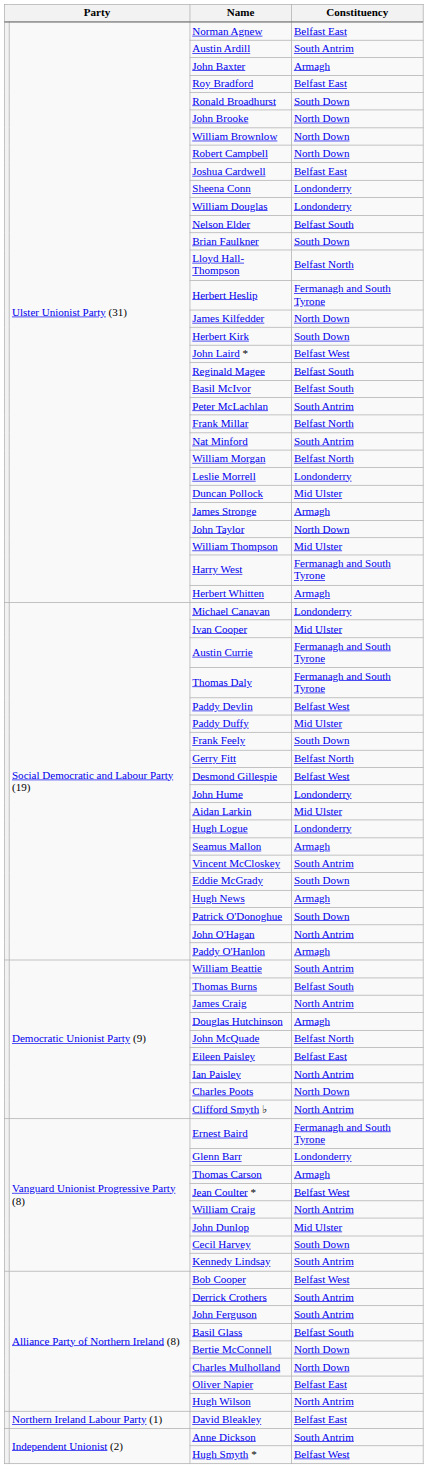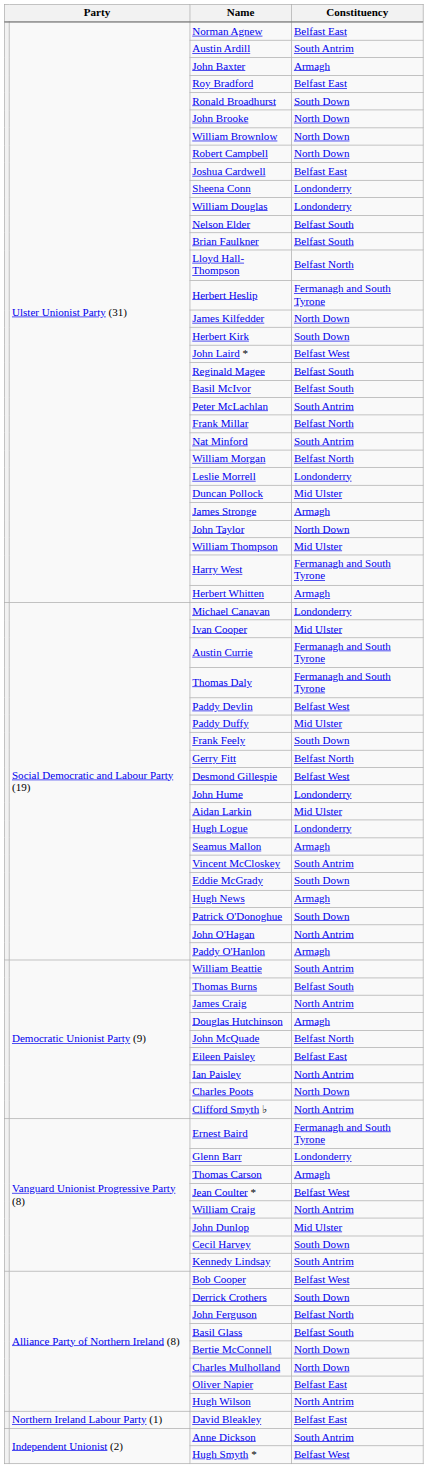 <table class="wikitable">
 <tr style="border-bottom: 2px solid gray;">
 <th colspan=2>Party</th>
 <th>Name</th>
 <th>Constituency</th>
 </tr>
 <tr>
 <th rowspan="31" style="background-color: "></th>
 <td rowspan="31"><a href='#'>Ulster Unionist Party</a> (31)</td>
 <td><a href='#'>Norman Agnew</a></td>
 <td><a href='#'>Belfast East</a></td>
 </tr>
 <tr>
 <td><a href='#'>Austin Ardill</a></td>
 <td><a href='#'>South Antrim</a></td>
 </tr>
 <tr>
 <td><a href='#'>John Baxter</a></td>
 <td><a href='#'>Armagh</a></td>
 </tr>
 <tr>
 <td><a href='#'>Roy Bradford</a></td>
 <td><a href='#'>Belfast East</a></td>
 </tr>
 <tr>
 <td><a href='#'>Ronald Broadhurst</a></td>
 <td><a href='#'>South Down</a></td>
 </tr>
 <tr>
 <td><a href='#'>John Brooke</a></td>
 <td><a href='#'>North Down</a></td>
 </tr>
 <tr>
 <td><a href='#'>William Brownlow</a></td>
 <td><a href='#'>North Down</a></td>
 </tr>
 <tr>
 <td><a href='#'>Robert Campbell</a></td>
 <td><a href='#'>North Down</a></td>
 </tr>
 <tr>
 <td><a href='#'>Joshua Cardwell</a></td>
 <td><a href='#'>Belfast East</a></td>
 </tr>
 <tr>
 <td><a href='#'>Sheena Conn</a></td>
 <td><a href='#'>Londonderry</a></td>
 </tr>
 <tr>
 <td><a href='#'>William Douglas</a></td>
 <td><a href='#'>Londonderry</a></td>
 </tr>
 <tr>
 <td><a href='#'>Nelson Elder</a></td>
 <td><a href='#'>Belfast South</a></td>
 </tr>
 <tr>
 <td><a href='#'>Brian Faulkner</a></td>
-<td><a href='#'>South Down</a></td>
+<td><a href='#'>Belfast South</a></td>
 </tr>
 <tr>
 <td><a href='#'>Lloyd Hall-Thompson</a></td>
 <td><a href='#'>Belfast North</a></td>
 </tr>
 <tr>
 <td><a href='#'>Herbert Heslip</a></td>
 <td><a href='#'>Fermanagh and South Tyrone</a></td>
 </tr>
 <tr>
 <td><a href='#'>James Kilfedder</a></td>
 <td><a href='#'>North Down</a></td>
 </tr>
 <tr>
 <td><a href='#'>Herbert Kirk</a></td>
 <td><a href='#'>South Down</a></td>
 </tr>
 <tr>
 <td><a href='#'>John Laird</a> *</td>
 <td><a href='#'>Belfast West</a></td>
 </tr>
 <tr>
 <td><a href='#'>Reginald Magee</a></td>
 <td><a href='#'>Belfast South</a></td>
 </tr>
 <tr>
 <td><a href='#'>Basil McIvor</a></td>
 <td><a href='#'>Belfast South</a></td>
 </tr>
 <tr>
 <td><a href='#'>Peter McLachlan</a></td>
 <td><a href='#'>South Antrim</a></td>
 </tr>
 <tr>
 <td><a href='#'>Frank Millar</a></td>
 <td><a href='#'>Belfast North</a></td>
 </tr>
 <tr>
 <td><a href='#'>Nat Minford</a></td>
 <td><a href='#'>South Antrim</a></td>
 </tr>
 <tr>
 <td><a href='#'>William Morgan</a></td>
 <td><a href='#'>Belfast North</a></td>
 </tr>
 <tr>
 <td><a href='#'>Leslie Morrell</a></td>
 <td><a href='#'>Londonderry</a></td>
 </tr>
 <tr>
 <td><a href='#'>Duncan Pollock</a></td>
 <td><a href='#'>Mid Ulster</a></td>
 </tr>
 <tr>
 <td><a href='#'>James Stronge</a></td>
 <td><a href='#'>Armagh</a></td>
 </tr>
 <tr>
 <td><a href='#'>John Taylor</a></td>
 <td><a href='#'>North Down</a></td>
 </tr>
 <tr>
 <td><a href='#'>William Thompson</a></td>
 <td><a href='#'>Mid Ulster</a></td>
 </tr>
 <tr>
 <td><a href='#'>Harry West</a></td>
 <td><a href='#'>Fermanagh and South Tyrone</a></td>
 </tr>
 <tr>
 <td><a href='#'>Herbert Whitten</a></td>
 <td><a href='#'>Armagh</a></td>
 </tr>
 <tr>
 <th rowspan="19" style="background-color: "></th>
 <td rowspan="19"><a href='#'>Social Democratic and Labour Party</a> (19)</td>
 <td><a href='#'>Michael Canavan</a></td>
 <td><a href='#'>Londonderry</a></td>
 </tr>
 <tr>
 <td><a href='#'>Ivan Cooper</a></td>
 <td><a href='#'>Mid Ulster</a></td>
 </tr>
 <tr>
 <td><a href='#'>Austin Currie</a></td>
 <td><a href='#'>Fermanagh and South Tyrone</a></td>
 </tr>
 <tr>
 <td><a href='#'>Thomas Daly</a></td>
 <td><a href='#'>Fermanagh and South Tyrone</a></td>
 </tr>
 <tr>
 <td><a href='#'>Paddy Devlin</a></td>
 <td><a href='#'>Belfast West</a></td>
 </tr>
 <tr>
 <td><a href='#'>Paddy Duffy</a></td>
 <td><a href='#'>Mid Ulster</a></td>
 </tr>
 <tr>
 <td><a href='#'>Frank Feely</a></td>
 <td><a href='#'>South Down</a></td>
 </tr>
 <tr>
 <td><a href='#'>Gerry Fitt</a></td>
 <td><a href='#'>Belfast North</a></td>
 </tr>
 <tr>
 <td><a href='#'>Desmond Gillespie</a></td>
 <td><a href='#'>Belfast West</a></td>
 </tr>
 <tr>
 <td><a href='#'>John Hume</a></td>
 <td><a href='#'>Londonderry</a></td>
 </tr>
 <tr>
 <td><a href='#'>Aidan Larkin</a></td>
 <td><a href='#'>Mid Ulster</a></td>
 </tr>
 <tr>
 <td><a href='#'>Hugh Logue</a></td>
 <td><a href='#'>Londonderry</a></td>
 </tr>
 <tr>
 <td><a href='#'>Seamus Mallon</a></td>
 <td><a href='#'>Armagh</a></td>
 </tr>
 <tr>
 <td><a href='#'>Vincent McCloskey</a></td>
 <td><a href='#'>South Antrim</a></td>
 </tr>
 <tr>
 <td><a href='#'>Eddie McGrady</a></td>
 <td><a href='#'>South Down</a></td>
 </tr>
 <tr>
 <td><a href='#'>Hugh News</a></td>
 <td><a href='#'>Armagh</a></td>
 </tr>
 <tr>
 <td><a href='#'>Patrick O'Donoghue</a></td>
 <td><a href='#'>South Down</a></td>
 </tr>
 <tr>
 <td><a href='#'>John O'Hagan</a></td>
 <td><a href='#'>North Antrim</a></td>
 </tr>
 <tr>
 <td><a href='#'>Paddy O'Hanlon</a></td>
 <td><a href='#'>Armagh</a></td>
 </tr>
 <tr>
 <th rowspan="9" style="background-color: "></th>
 <td rowspan="9"><a href='#'>Democratic Unionist Party</a> (9)</td>
 <td><a href='#'>William Beattie</a></td>
 <td><a href='#'>South Antrim</a></td>
 </tr>
 <tr>
 <td><a href='#'>Thomas Burns</a></td>
 <td><a href='#'>Belfast South</a></td>
 </tr>
 <tr>
 <td><a href='#'>James Craig</a></td>
 <td><a href='#'>North Antrim</a></td>
 </tr>
 <tr>
 <td><a href='#'>Douglas Hutchinson</a></td>
 <td><a href='#'>Armagh</a></td>
 </tr>
 <tr>
 <td><a href='#'>John McQuade</a></td>
 <td><a href='#'>Belfast North</a></td>
 </tr>
 <tr>
 <td><a href='#'>Eileen Paisley</a></td>
 <td><a href='#'>Belfast East</a></td>
 </tr>
 <tr>
 <td><a href='#'>Ian Paisley</a></td>
 <td><a href='#'>North Antrim</a></td>
 </tr>
 <tr>
 <td><a href='#'>Charles Poots</a></td>
 <td><a href='#'>North Down</a></td>
 </tr>
 <tr>
 <td><a href='#'>Clifford Smyth</a> ♭</td>
 <td><a href='#'>North Antrim</a></td>
 </tr>
 <tr>
 <th rowspan="8" style="background-color: "></th>
 <td rowspan="8"><a href='#'>Vanguard Unionist Progressive Party</a> (8)</td>
 <td><a href='#'>Ernest Baird</a></td>
 <td><a href='#'>Fermanagh and South Tyrone</a></td>
 </tr>
 <tr>
 <td><a href='#'>Glenn Barr</a></td>
 <td><a href='#'>Londonderry</a></td>
 </tr>
 <tr>
 <td><a href='#'>Thomas Carson</a></td>
 <td><a href='#'>Armagh</a></td>
 </tr>
 <tr>
 <td><a href='#'>Jean Coulter</a> *</td>
 <td><a href='#'>Belfast West</a></td>
 </tr>
 <tr>
 <td><a href='#'>William Craig</a></td>
 <td><a href='#'>North Antrim</a></td>
 </tr>
 <tr>
 <td><a href='#'>John Dunlop</a></td>
 <td><a href='#'>Mid Ulster</a></td>
 </tr>
 <tr>
 <td><a href='#'>Cecil Harvey</a></td>
 <td><a href='#'>South Down</a></td>
 </tr>
 <tr>
 <td><a href='#'>Kennedy Lindsay</a></td>
 <td><a href='#'>South Antrim</a></td>
 </tr>
 <tr>
 <th rowspan="8" style="background-color: "></th>
 <td rowspan="8"><a href='#'>Alliance Party of Northern Ireland</a> (8)</td>
 <td><a href='#'>Bob Cooper</a></td>
 <td><a href='#'>Belfast West</a></td>
 </tr>
 <tr>
 <td><a href='#'>Derrick Crothers</a></td>
-<td><a href='#'>South Antrim</a></td>
+<td><a href='#'>South Down</a></td>
 </tr>
 <tr>
 <td><a href='#'>John Ferguson</a></td>
-<td><a href='#'>South Antrim</a></td>
+<td><a href='#'>Belfast North</a></td>
 </tr>
 <tr>
 <td><a href='#'>Basil Glass</a></td>
 <td><a href='#'>Belfast South</a></td>
 </tr>
 <tr>
 <td><a href='#'>Bertie McConnell</a></td>
 <td><a href='#'>North Down</a></td>
 </tr>
 <tr>
 <td><a href='#'>Charles Mulholland</a></td>
 <td><a href='#'>North Down</a></td>
 </tr>
 <tr>
 <td><a href='#'>Oliver Napier</a></td>
 <td><a href='#'>Belfast East</a></td>
 </tr>
 <tr>
 <td><a href='#'>Hugh Wilson</a></td>
 <td><a href='#'>North Antrim</a></td>
 </tr>
 <tr>
 <th rowspan="1" style="background-color: "></th>
 <td rowspan="1"><a href='#'>Northern Ireland Labour Party</a> (1)</td>
 <td><a href='#'>David Bleakley</a></td>
 <td><a href='#'>Belfast East</a></td>
 </tr>
 <tr>
 <th rowspan="2" style="background-color: "></th>
 <td rowspan="2"><a href='#'>Independent Unionist</a> (2)</td>
 <td><a href='#'>Anne Dickson</a></td>
 <td><a href='#'>South Antrim</a></td>
 </tr>
 <tr>
 <td><a href='#'>Hugh Smyth</a> *</td>
 <td><a href='#'>Belfast West</a></td>
 </tr>
 </table>
